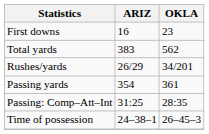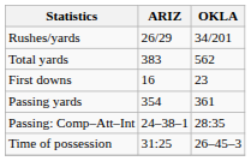 <table class="wikitable" style="float: left;">
 <tr>
 <th>Statistics</th>
 <th>ARIZ</th>
 <th>OKLA</th>
 </tr>
 <tr>
-<td>First downs</td>
-<td>16</td>
-<td>23</td>
+<td>Rushes/yards</td>
+<td>26/29</td>
+<td>34/201</td>
 </tr>
 <tr>
 <td>Total yards</td>
 <td>383</td>
 <td>562</td>
 </tr>
 <tr>
-<td>Rushes/yards</td>
-<td>26/29</td>
-<td>34/201</td>
+<td>First downs</td>
+<td>16</td>
+<td>23</td>
 </tr>
 <tr>
 <td>Passing yards</td>
 <td>354</td>
 <td>361</td>
 </tr>
 <tr>
 <td>Passing: Comp–Att–Int</td>
-<td>31:25</td>
+<td>24–38–1</td>
 <td>28:35</td>
 </tr>
 <tr>
 <td>Time of possession</td>
-<td>24–38–1</td>
+<td>31:25</td>
 <td>26–45–3</td>
 </tr>
 <tr>
 </tr>
 </table>
